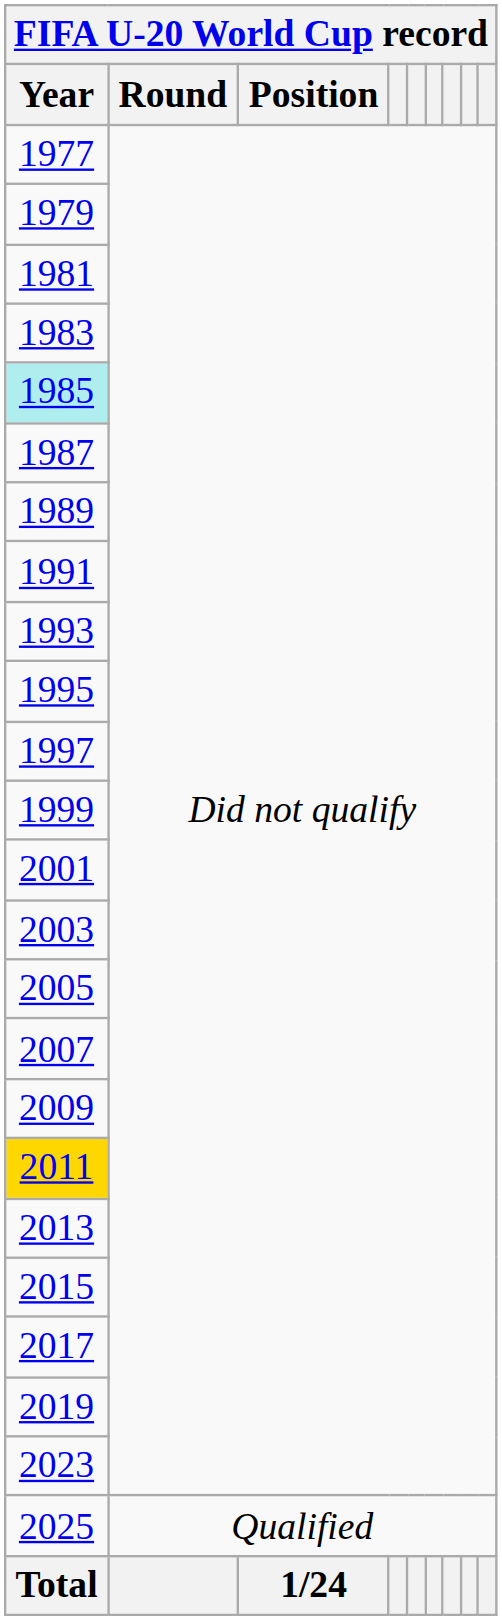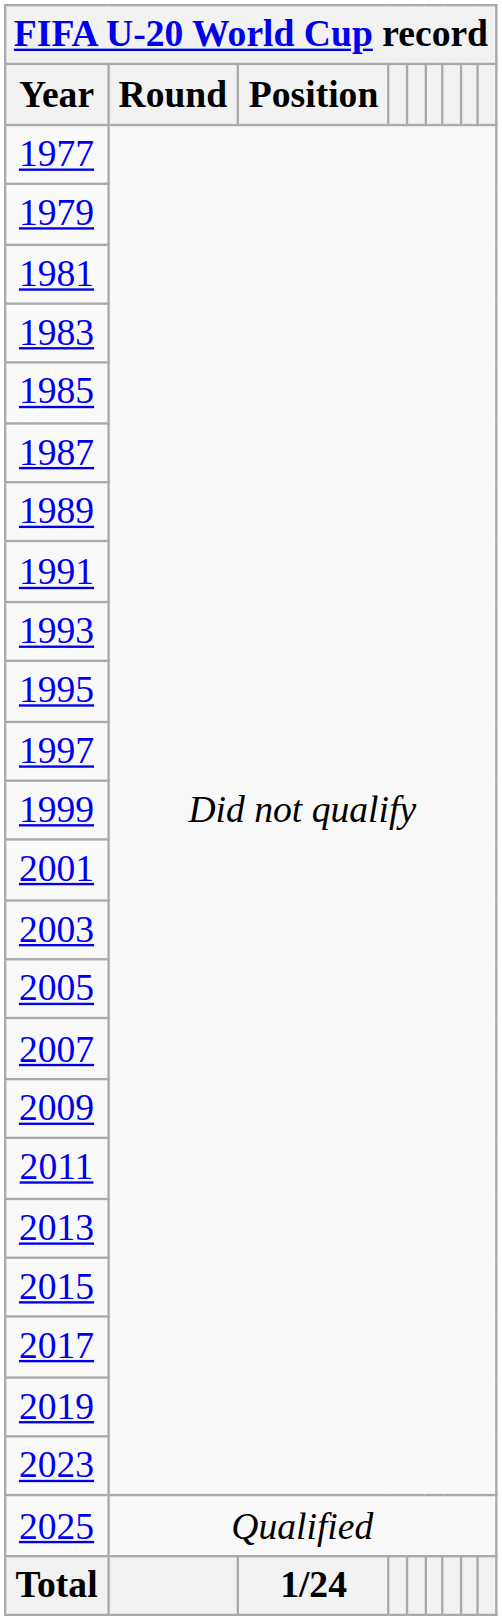 <table class="wikitable" style="text-align:center;">
 <tr>
 <th colspan="10"><a href='#'>FIFA U-20 World Cup</a> record</th>
 </tr>
 <tr>
 <th>Year</th>
 <th>Round</th>
 <th>Position</th>
 <th></th>
 <th></th>
 <th></th>
 <th></th>
 <th></th>
 <th></th>
 </tr>
 <tr>
 <td> <a href='#'>1977</a></td>
 <td rowspan=23 colspan=9><em>Did not qualify</em></td>
 </tr>
 <tr>
 <td> <a href='#'>1979</a></td>
 </tr>
 <tr>
 <td> <a href='#'>1981</a></td>
 </tr>
 <tr>
 <td> <a href='#'>1983</a></td>
 </tr>
 <tr>
-<td style="background: paleturquoise;"> <a href='#'>1985</a></td>
+<td> <a href='#'>1985</a></td>
 </tr>
 <tr>
 <td> <a href='#'>1987</a></td>
 </tr>
 <tr>
 <td> <a href='#'>1989</a></td>
 </tr>
 <tr>
 <td> <a href='#'>1991</a></td>
 </tr>
 <tr>
 <td> <a href='#'>1993</a></td>
 </tr>
 <tr>
 <td> <a href='#'>1995</a></td>
 </tr>
 <tr>
 <td> <a href='#'>1997</a></td>
 </tr>
 <tr>
 <td> <a href='#'>1999</a></td>
 </tr>
 <tr>
 <td> <a href='#'>2001</a></td>
 </tr>
 <tr>
 <td> <a href='#'>2003</a></td>
 </tr>
 <tr>
 <td> <a href='#'>2005</a></td>
 </tr>
 <tr>
 <td> <a href='#'>2007</a></td>
 </tr>
 <tr>
 <td> <a href='#'>2009</a></td>
 </tr>
 <tr>
-<td style="background: gold;"> <a href='#'>2011</a></td>
+<td> <a href='#'>2011</a></td>
 </tr>
 <tr>
 <td> <a href='#'>2013</a></td>
 </tr>
 <tr>
 <td> <a href='#'>2015</a></td>
 </tr>
 <tr>
 <td> <a href='#'>2017</a></td>
 </tr>
 <tr>
 <td> <a href='#'>2019</a></td>
 </tr>
 <tr>
 <td> <a href='#'>2023</a></td>
 </tr>
 <tr>
 <td> <a href='#'>2025</a></td>
 <td colspan=9><em>Qualified</em></td>
 </tr>
 <tr>
 <th><strong>Total</strong></th>
 <th></th>
 <th>1/24</th>
 <th></th>
 <th></th>
 <th></th>
 <th></th>
 <th></th>
 <th></th>
 </tr>
 </table>
